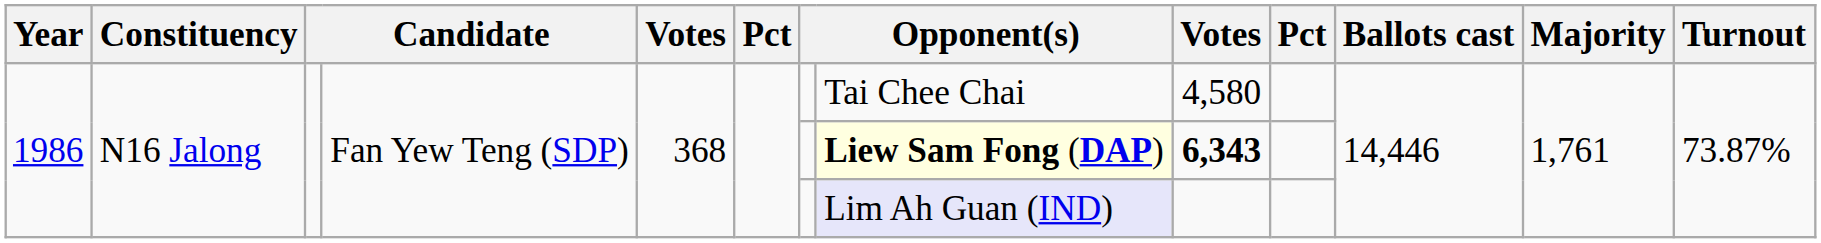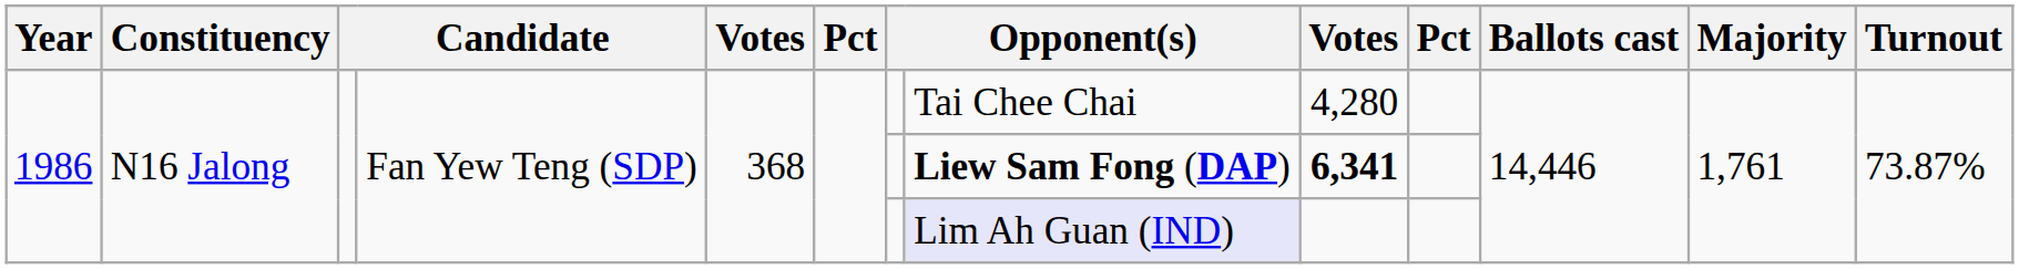 <table class="wikitable" style="margin:0.5em ; font-size:95%">
 <tr>
 <th>Year</th>
 <th>Constituency</th>
 <th colspan=2>Candidate</th>
 <th>Votes</th>
 <th>Pct</th>
 <th colspan=2>Opponent(s)</th>
 <th>Votes</th>
 <th>Pct</th>
 <th>Ballots cast</th>
 <th>Majority</th>
 <th>Turnout</th>
 </tr>
 <tr>
 <td rowspan=3><a href='#'>1986</a></td>
 <td rowspan=3>N16 <a href='#'>Jalong</a></td>
 <td rowspan=3 bgcolor=></td>
 <td rowspan=3>Fan Yew Teng (<a href='#'>SDP</a>)</td>
 <td rowspan=3 align=right>368</td>
 <td rowspan=3 align=right></td>
 <td></td>
 <td>Tai Chee Chai</td>
-<td align=right>4,580</td>
+<td align=right>4,280</td>
 <td></td>
 <td rowspan=3>14,446</td>
 <td rowspan=3>1,761</td>
 <td rowspan=3>73.87%</td>
 </tr>
 <tr>
 <td></td>
-<td style="background: lightyellow;"><strong>Liew Sam Fong</strong> (<a href='#'><strong>DAP</strong></a>)</td>
-<td align=right><strong>6,343</strong></td>
+<td><strong>Liew Sam Fong</strong> (<a href='#'><strong>DAP</strong></a>)</td>
+<td align=right><strong>6,341</strong></td>
 <td></td>
 </tr>
 <tr>
 <td></td>
 <td style="background: lavender;">Lim Ah Guan (<a href='#'>IND</a>)</td>
 <td align=right></td>
 <td align=right></td>
 </tr>
 </table>
